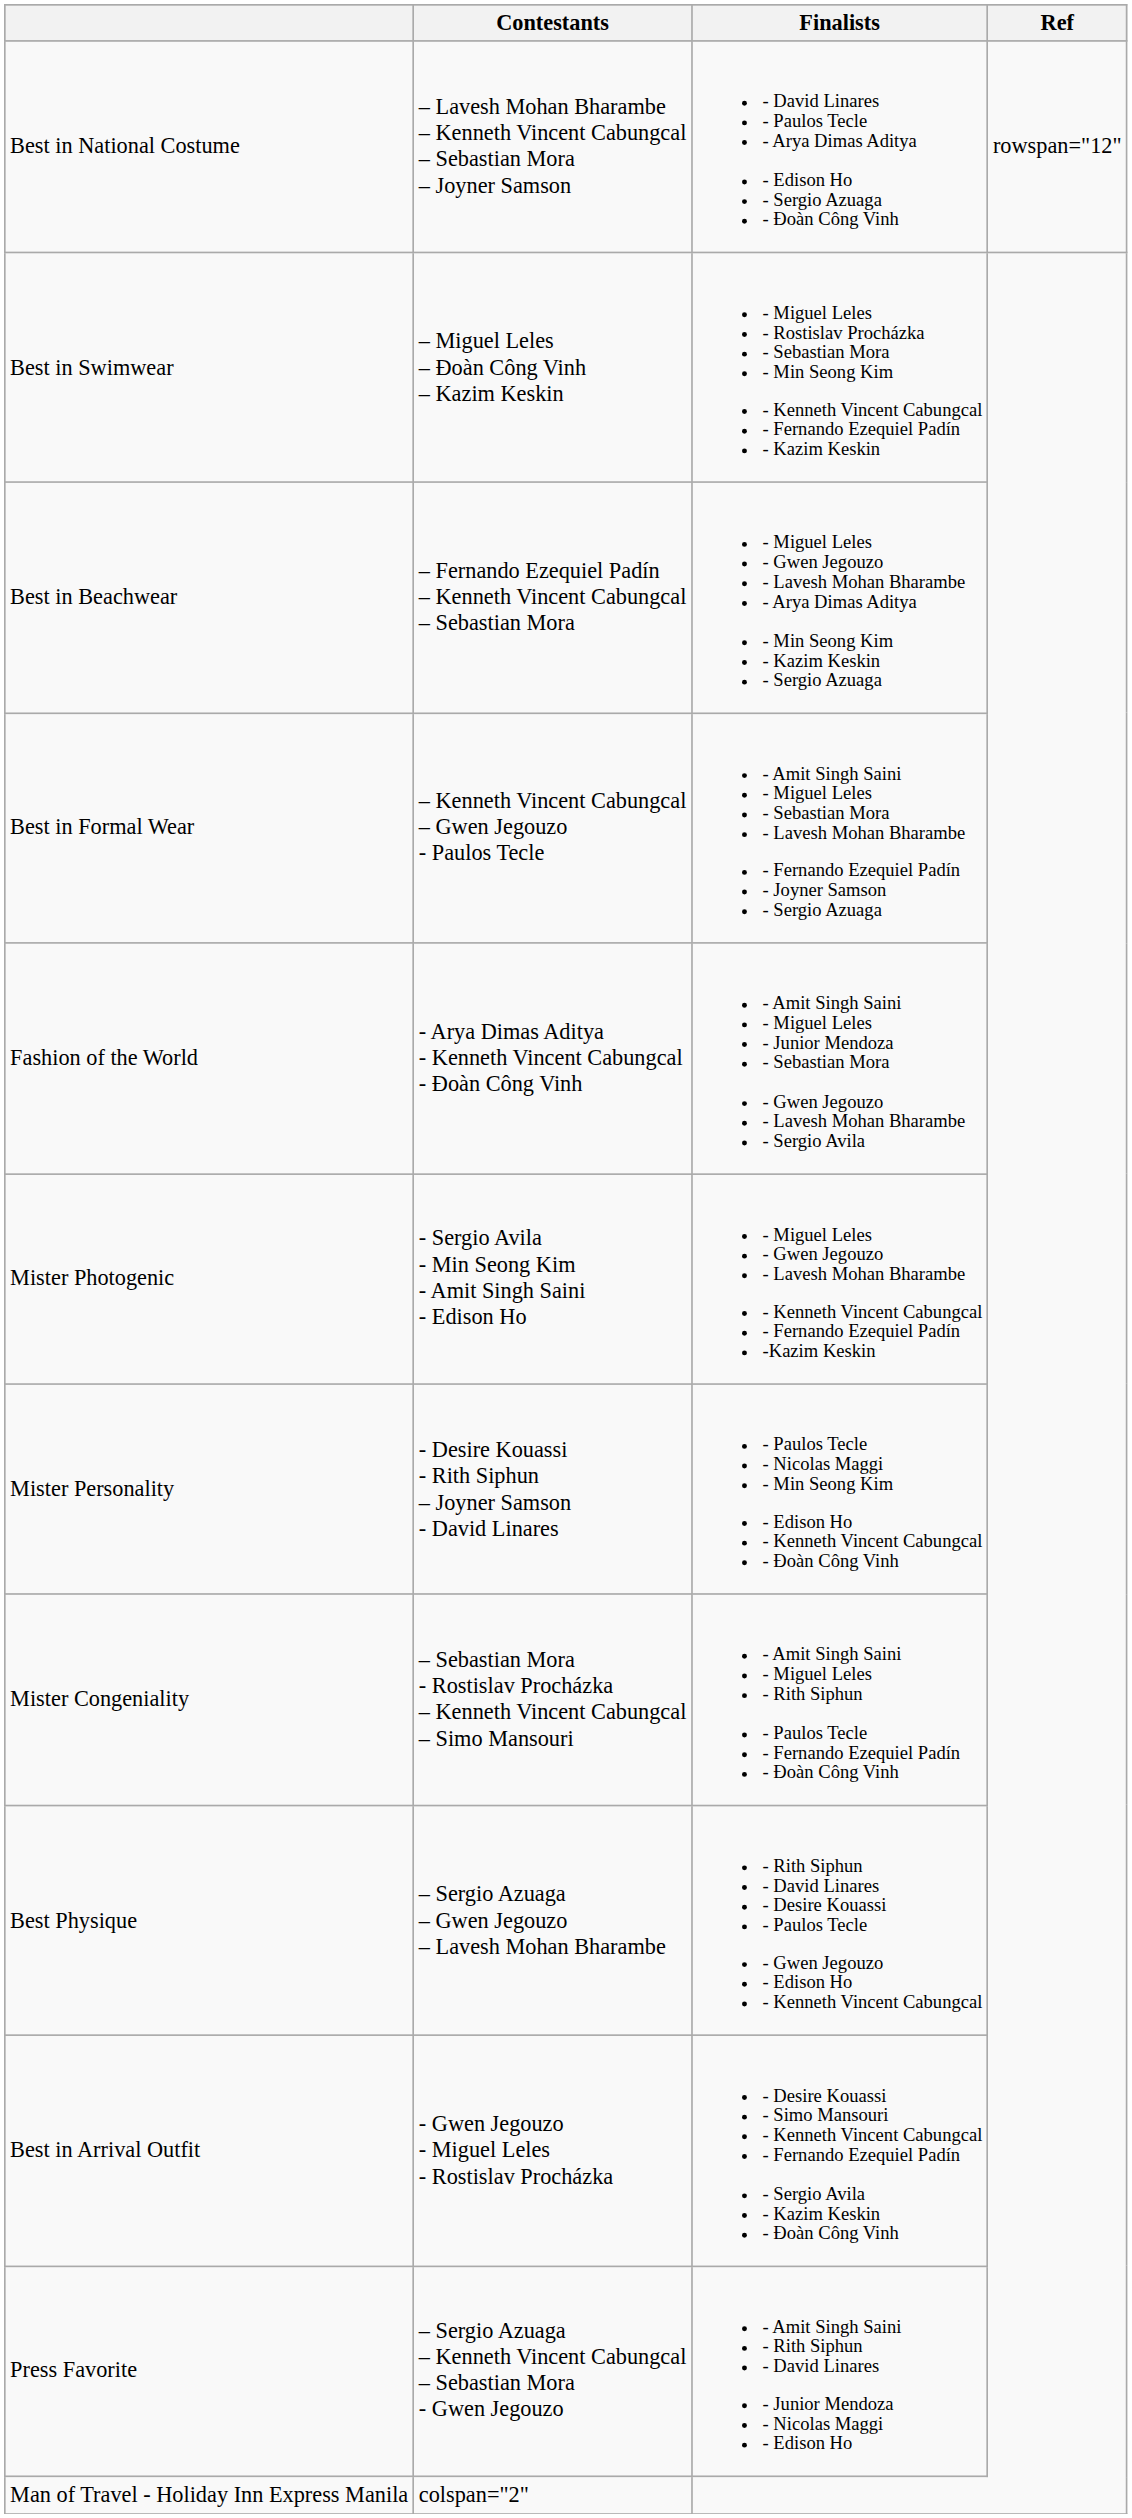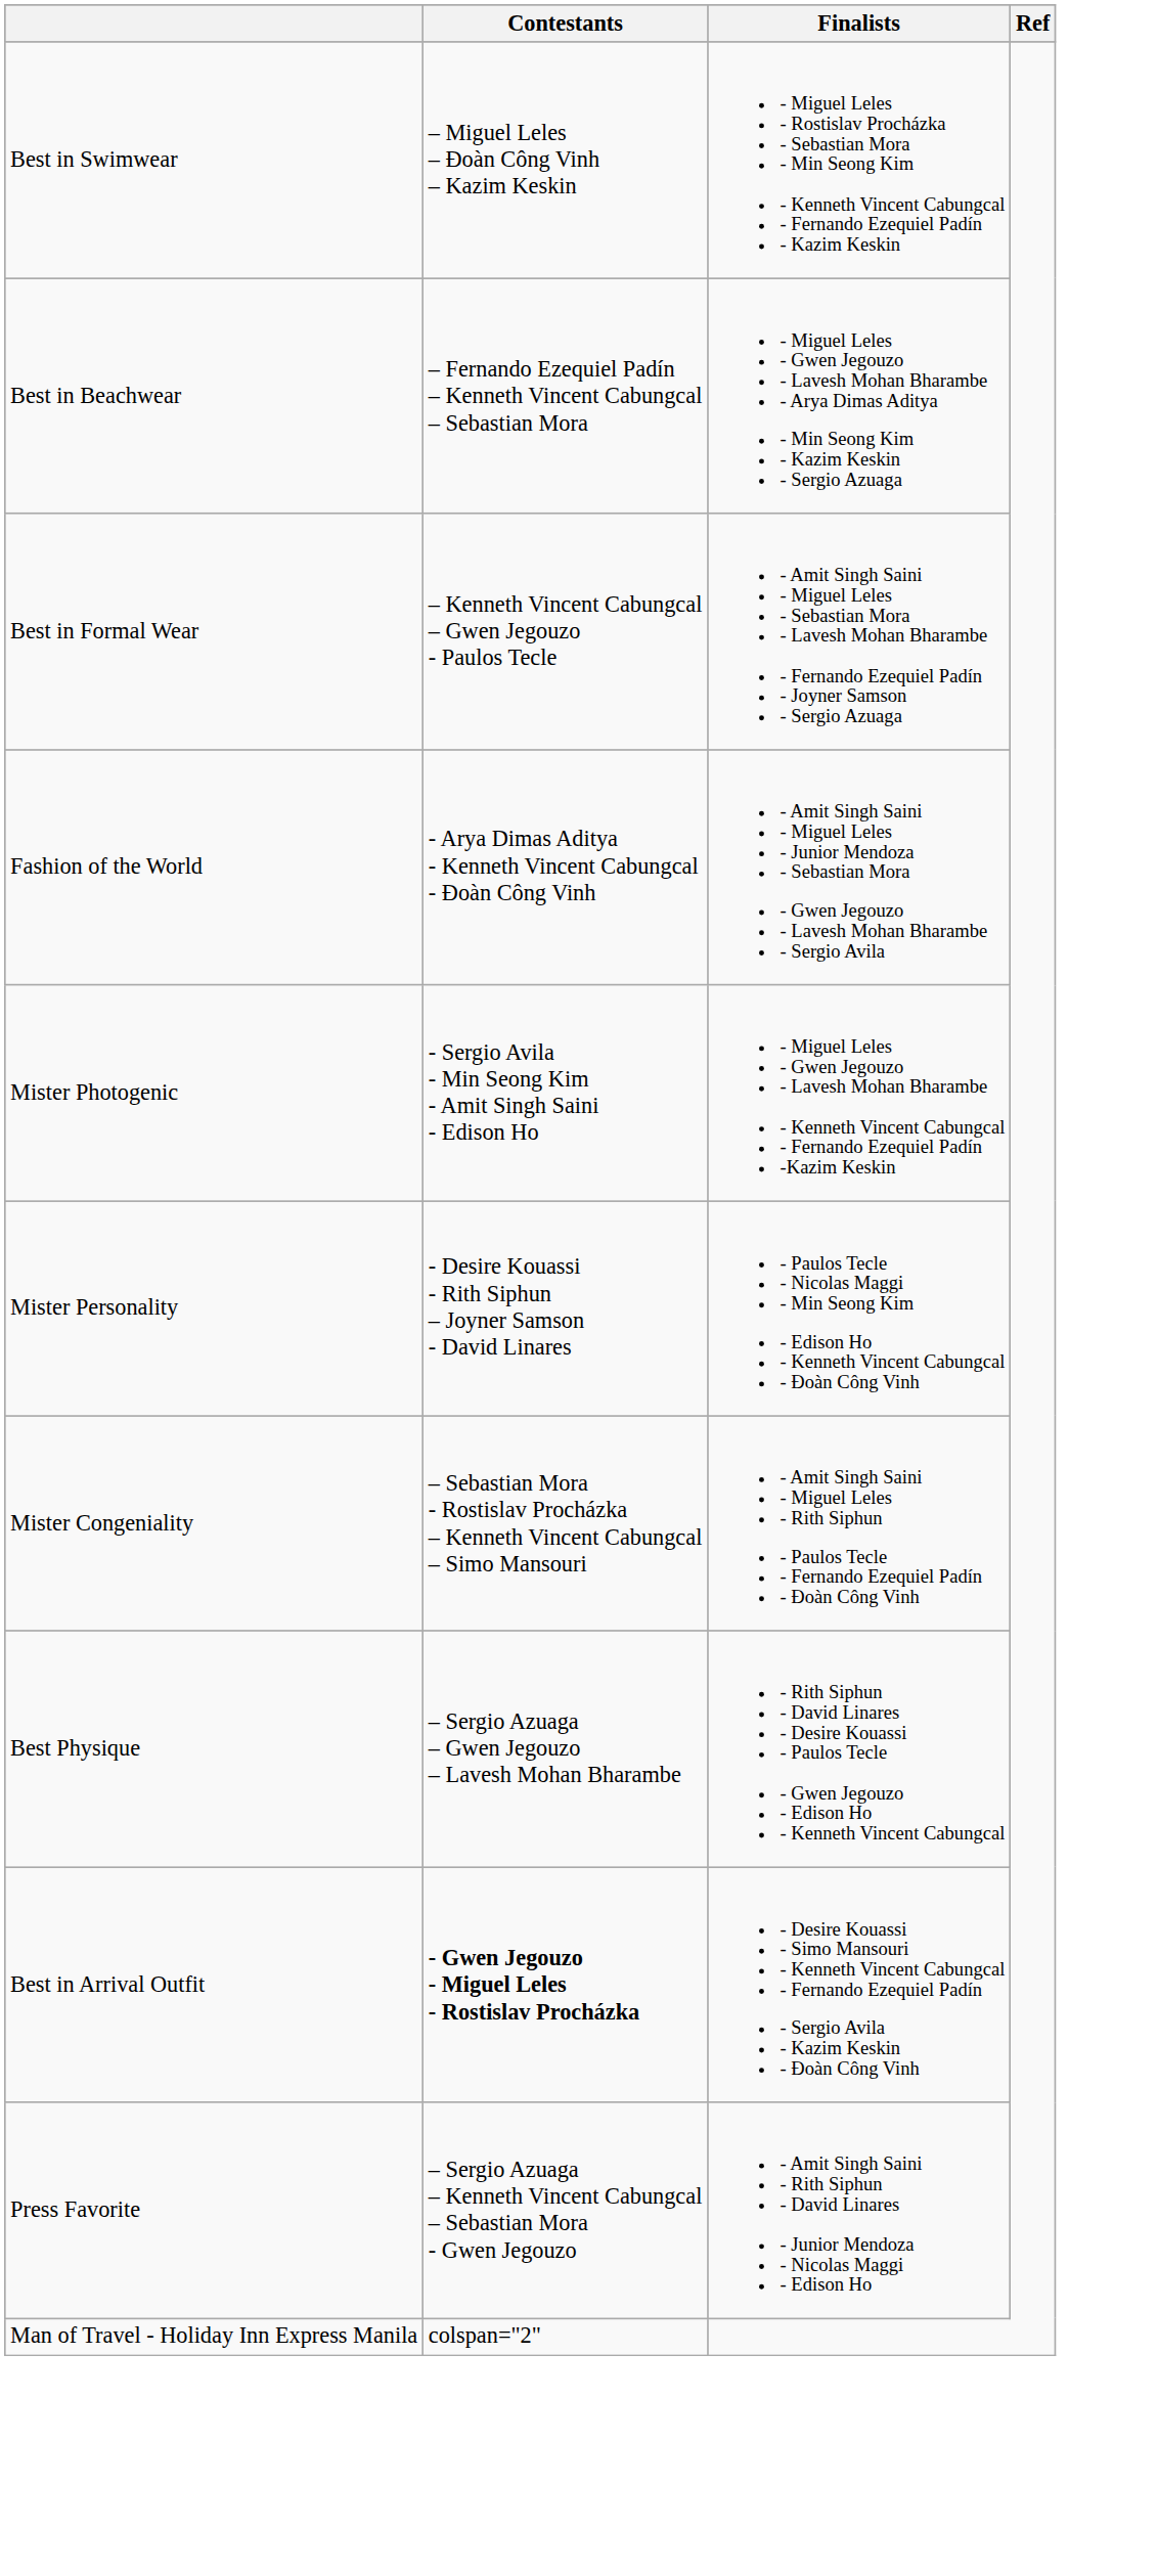 <table class="wikitable"  style="font-size: 85%;">
 <tr style="background:#CCCCCC; text-align:center">
 <th></th>
 <th>Contestants</th>
 <th>Finalists</th>
 <th>Ref</th>
-</tr>
-<tr>
-<td>Best in National Costume</td>
-<td>  – Lavesh Mohan Bharambe <br>   – Kenneth Vincent Cabungcal <br>   – Sebastian Mora <br>   – Joyner Samson</td>
-<td><small><br> <ul><li> - David Linares</li><li> - Paulos Tecle</li><li> - Arya Dimas Aditya</li></ul><ul><li> - Edison Ho</li><li> - Sergio Azuaga</li><li> - Đoàn Công Vinh</li></ul></small></td>
-<td>rowspan="12" </td>
 </tr>
 <tr>
 <td>Best in Swimwear</td>
 <td>  – Miguel Leles <br>   – Đoàn Công Vinh <br>   – Kazim Keskin</td>
 <td><small><br> <ul><li> - Miguel Leles</li><li> - Rostislav Procházka</li><li> - Sebastian Mora</li><li> - Min Seong Kim</li></ul><ul><li> - Kenneth Vincent Cabungcal</li><li> - Fernando Ezequiel Padín</li><li> - Kazim Keskin</li></ul></small></td>
 </tr>
 <tr>
 <td>Best in Beachwear</td>
 <td>  – Fernando Ezequiel Padín <br>   – Kenneth Vincent Cabungcal <br>   – Sebastian Mora</td>
 <td><small><br> <ul><li> - Miguel Leles</li><li> - Gwen Jegouzo</li><li> - Lavesh Mohan Bharambe</li><li> - Arya Dimas Aditya</li></ul><ul><li> - Min Seong Kim</li><li> - Kazim Keskin</li><li> - Sergio Azuaga</li></ul></small></td>
 </tr>
 <tr>
 <td>Best in Formal Wear</td>
 <td>  – Kenneth Vincent Cabungcal <br>   – Gwen Jegouzo <br>   - Paulos Tecle</td>
 <td><small><br> <ul><li> - Amit Singh Saini</li><li> - Miguel Leles</li><li> - Sebastian Mora</li><li> - Lavesh Mohan Bharambe</li></ul><ul><li> - Fernando Ezequiel Padín</li><li> - Joyner Samson</li><li> - Sergio Azuaga</li></ul></small></td>
 </tr>
 <tr>
 <td>Fashion of the World</td>
 <td>  - Arya Dimas Aditya <br>   - Kenneth Vincent Cabungcal <br>   - Đoàn Công Vinh</td>
 <td><small><br> <ul><li> - Amit Singh Saini</li><li> - Miguel Leles</li><li> - Junior Mendoza</li><li> - Sebastian Mora</li></ul><ul><li> - Gwen Jegouzo</li><li> - Lavesh Mohan Bharambe</li><li> - Sergio Avila</li></ul></small></td>
 </tr>
 <tr>
 <td>Mister Photogenic</td>
 <td>  - Sergio Avila <br>   - Min Seong Kim <br>   - Amit Singh Saini <br>   - Edison Ho</td>
 <td><small><br> <ul><li> - Miguel Leles</li><li> - Gwen Jegouzo</li><li> - Lavesh Mohan Bharambe</li></ul><ul><li> - Kenneth Vincent Cabungcal</li><li> - Fernando Ezequiel Padín</li><li> -Kazim Keskin</li></ul></small></td>
 </tr>
 <tr>
 <td>Mister Personality</td>
 <td>  - Desire Kouassi <br>   - Rith Siphun <br>   – Joyner Samson <br>    - David Linares</td>
 <td><small><br> <ul><li> - Paulos Tecle</li><li> - Nicolas Maggi</li><li> - Min Seong Kim</li></ul><ul><li> - Edison Ho</li><li> - Kenneth Vincent Cabungcal</li><li> - Đoàn Công Vinh</li></ul></small></td>
 </tr>
 <tr>
 <td>Mister Congeniality</td>
 <td>  – Sebastian Mora <br>   - Rostislav Procházka <br>   – Kenneth Vincent Cabungcal <br>   – Simo Mansouri</td>
 <td><small><br> <ul><li> - Amit Singh Saini</li><li> - Miguel Leles</li><li> - Rith Siphun</li></ul><ul><li> - Paulos Tecle</li><li> - Fernando Ezequiel Padín</li><li> - Đoàn Công Vinh</li></ul></small></td>
 </tr>
 <tr>
 <td>Best Physique</td>
 <td>  – Sergio Azuaga <br>   – Gwen Jegouzo <br>   – Lavesh Mohan Bharambe</td>
 <td><small><br> <ul><li> - Rith Siphun</li><li> - David Linares</li><li> - Desire Kouassi</li><li> - Paulos Tecle</li></ul><ul><li> - Gwen Jegouzo</li><li> - Edison Ho</li><li> - Kenneth Vincent Cabungcal</li></ul></small></td>
 </tr>
 <tr>
 <td>Best in Arrival Outfit</td>
-<td>  - Gwen Jegouzo <br>   - Miguel Leles <br>   - Rostislav Procházka</td>
+<td><strong>  - Gwen Jegouzo <br>   - Miguel Leles <br>   - Rostislav Procházka</strong></td>
 <td><small><br> <ul><li> - Desire Kouassi</li><li> - Simo Mansouri</li><li> - Kenneth Vincent Cabungcal</li><li> - Fernando Ezequiel Padín</li></ul><ul><li> - Sergio Avila</li><li> - Kazim Keskin</li><li> - Đoàn Công Vinh</li></ul></small></td>
 </tr>
 <tr>
 <td>Press Favorite</td>
 <td>  – Sergio Azuaga <br>   – Kenneth Vincent Cabungcal <br>   – Sebastian Mora <br>   - Gwen Jegouzo</td>
 <td><small><br> <ul><li> - Amit Singh Saini</li><li> - Rith Siphun</li><li> - David Linares</li></ul><ul><li> - Junior Mendoza</li><li> - Nicolas Maggi</li><li> - Edison Ho</li></ul></small></td>
 </tr>
 <tr>
 <td>Man of Travel - Holiday Inn Express Manila</td>
 <td>colspan="2" </td>
 </tr>
 </table>
